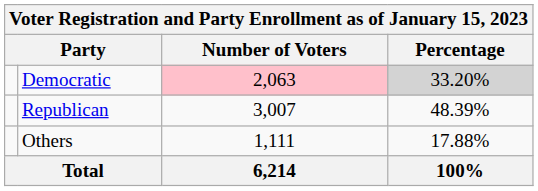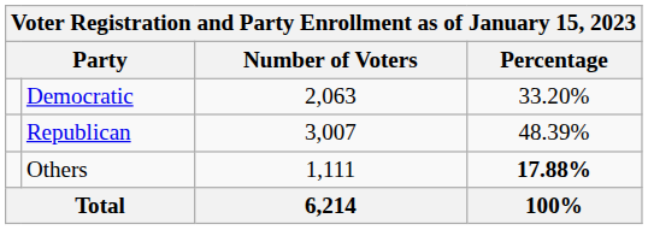 <table class=wikitable>
 <tr>
 <th colspan = 6>Voter Registration and Party Enrollment as of January 15, 2023</th>
 </tr>
 <tr>
 <th colspan = 2>Party</th>
 <th>Number of Voters</th>
 <th>Percentage</th>
 </tr>
 <tr>
 <td></td>
 <td><a href='#'>Democratic</a></td>
-<td align = center style="background: pink;">2,063</td>
-<td align = center style="background: lightgrey;">33.20%</td>
+<td align = center>2,063</td>
+<td align = center>33.20%</td>
 </tr>
 <tr>
 <td></td>
 <td><a href='#'>Republican</a></td>
 <td align = center>3,007</td>
 <td align = center>48.39%</td>
 </tr>
 <tr>
 <td></td>
 <td>Others</td>
 <td align = center>1,111</td>
-<td align = center>17.88%</td>
+<td align = center><strong>17.88%</strong></td>
 </tr>
 <tr>
 <th colspan = 2>Total</th>
 <th align = center>6,214</th>
 <th align = center>100%</th>
 </tr>
 </table>
